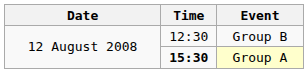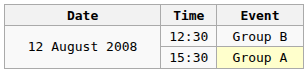 <table class = "wikitable" style="text-align:center;">
 <tr>
 <th width=150>Date</th>
 <th width=50>Time</th>
 <th width=80>Event</th>
 </tr>
 <tr>
 <td rowspan=2>12 August 2008</td>
 <td>12:30</td>
 <td>Group B</td>
 </tr>
 <tr>
-<td><strong>15:30</strong></td>
+<td>15:30</td>
 <td bgcolor=ffffcc>Group A</td>
 </tr>
 </table>
